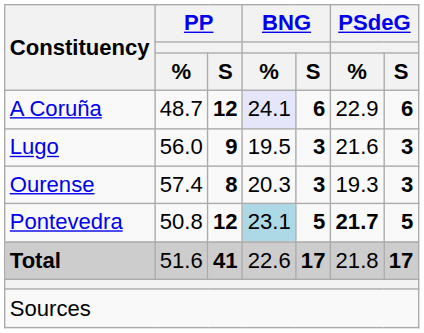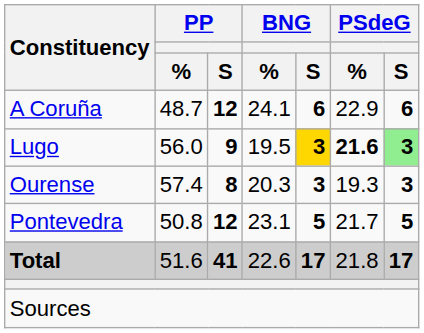 <table class="wikitable sortable" style="text-align:right; line-height:20px;">
 <tr>
 <th rowspan="3">Constituency</th>
 <th colspan="2" width="30px" class="unsortable"><a href='#'>PP</a></th>
 <th colspan="2" width="30px" class="unsortable"><a href='#'>BNG</a></th>
 <th colspan="2" width="30px" class="unsortable"><a href='#'>PSdeG</a></th>
 </tr>
 <tr>
 <th colspan="2" style="background:"></th>
 <th colspan="2" style="background:"></th>
 <th colspan="2" style="background:"></th>
 </tr>
 <tr>
 <th data-sort-type="number">%</th>
 <th data-sort-type="number">S</th>
 <th data-sort-type="number">%</th>
 <th data-sort-type="number">S</th>
 <th data-sort-type="number">%</th>
 <th data-sort-type="number">S</th>
 </tr>
 <tr>
 <td align="left"><a href='#'>A Coruña</a></td>
 <td style="background:">48.7</td>
 <td><strong>12</strong></td>
-<td style="background: lavender;">24.1</td>
+<td>24.1</td>
 <td><strong>6</strong></td>
 <td>22.9</td>
 <td><strong>6</strong></td>
 </tr>
 <tr>
 <td align="left"><a href='#'>Lugo</a></td>
 <td style="background:">56.0</td>
 <td><strong>9</strong></td>
 <td>19.5</td>
-<td><strong>3</strong></td>
-<td>21.6</td>
-<td><strong>3</strong></td>
+<td style="background: gold;"><strong>3</strong></td>
+<td><strong>21.6</strong></td>
+<td style="background: lightgreen;"><strong>3</strong></td>
 </tr>
 <tr>
 <td align="left"><a href='#'>Ourense</a></td>
 <td style="background:">57.4</td>
 <td><strong>8</strong></td>
 <td>20.3</td>
 <td><strong>3</strong></td>
 <td>19.3</td>
 <td><strong>3</strong></td>
 </tr>
 <tr>
 <td align="left"><a href='#'>Pontevedra</a></td>
 <td style="background:">50.8</td>
 <td><strong>12</strong></td>
-<td style="background: lightblue;">23.1</td>
+<td>23.1</td>
 <td><strong>5</strong></td>
-<td><strong>21.7</strong></td>
+<td>21.7</td>
 <td><strong>5</strong></td>
 </tr>
 <tr style="background:#CDCDCD;">
 <td align="left"><strong>Total</strong></td>
 <td style="background:">51.6</td>
 <td><strong>41</strong></td>
 <td>22.6</td>
 <td><strong>17</strong></td>
 <td>21.8</td>
 <td><strong>17</strong></td>
 </tr>
 <tr>
 <th colspan="7"></th>
 </tr>
 <tr>
 <th style="text-align:left; font-weight:normal; background:#F9F9F9" colspan="7">Sources</th>
 </tr>
 </table>
